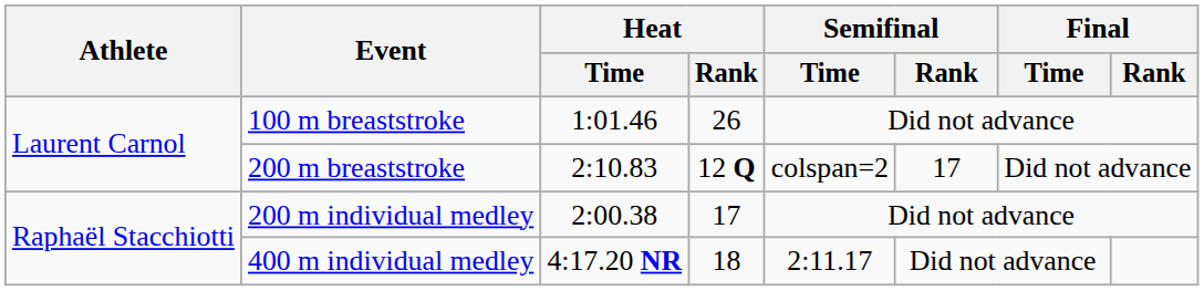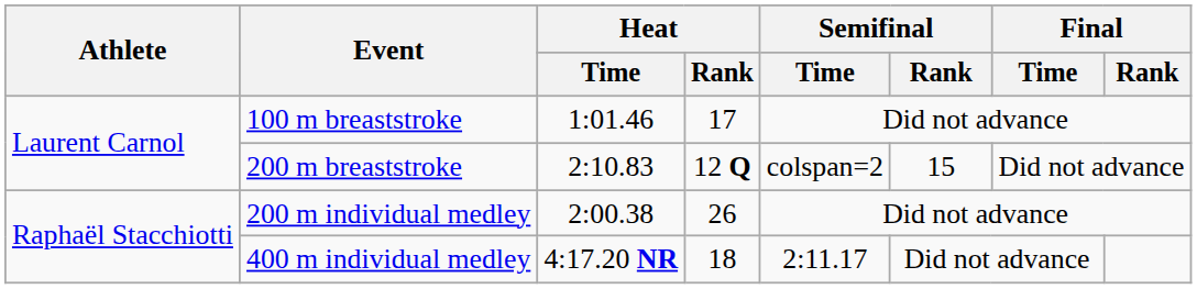 <table class=wikitable style="font-size:90%">
 <tr>
 <th rowspan="2">Athlete</th>
 <th rowspan="2">Event</th>
 <th colspan="2">Heat</th>
 <th colspan="2">Semifinal</th>
 <th colspan="2">Final</th>
 </tr>
 <tr style="font-size:95%">
 <th>Time</th>
 <th>Rank</th>
 <th>Time</th>
 <th>Rank</th>
 <th>Time</th>
 <th>Rank</th>
 </tr>
 <tr align=center>
 <td style="text-align:left;" rowspan="2"><a href='#'>Laurent Carnol</a></td>
 <td align=left><a href='#'>100 m breaststroke</a></td>
 <td>1:01.46</td>
-<td>26</td>
+<td>17</td>
 <td colspan=4>Did not advance</td>
 </tr>
 <tr align=center>
 <td align=left><a href='#'>200 m breaststroke</a></td>
 <td>2:10.83</td>
 <td>12 <strong>Q</strong></td>
 <td>colspan=2 </td>
-<td>17</td>
+<td>15</td>
 <td colspan=2>Did not advance</td>
 </tr>
 <tr align=center>
 <td style="text-align:left;" rowspan="2"><a href='#'>Raphaël Stacchiotti</a></td>
 <td align=left><a href='#'>200 m individual medley</a></td>
 <td>2:00.38</td>
-<td>17</td>
+<td>26</td>
 <td colspan=4>Did not advance</td>
 </tr>
 <tr align=center>
 <td align=left><a href='#'>400 m individual medley</a></td>
 <td>4:17.20 <strong><a href='#'>NR</a></strong></td>
 <td>18</td>
 <td>2:11.17</td>
 <td colspan=2>Did not advance</td>
 </tr>
 </table>
